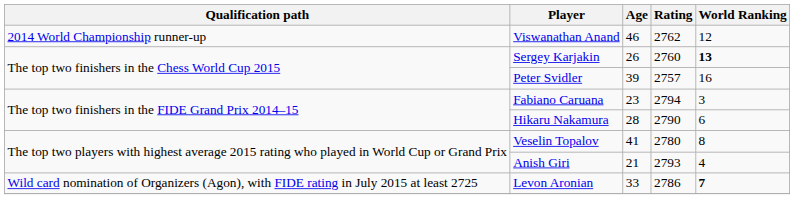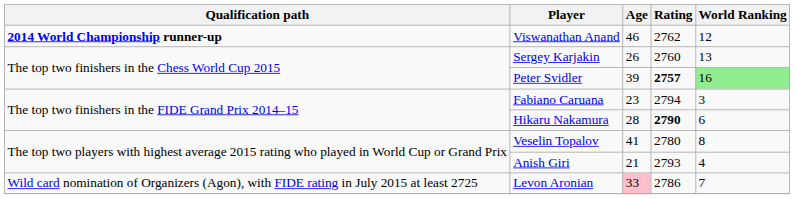 <table class="wikitable" style="text-align: left;">
 <tr>
 <th>Qualification path</th>
 <th>Player</th>
 <th>Age</th>
 <th>Rating</th>
 <th>World Ranking</th>
 </tr>
 <tr>
-<td><a href='#'>2014 World Championship</a> runner-up</td>
+<td><strong><a href='#'>2014 World Championship</a> runner-up</strong></td>
 <td> <a href='#'>Viswanathan Anand</a></td>
 <td>46</td>
 <td>2762</td>
 <td>12</td>
 </tr>
 <tr>
 <td rowspan="2">The top two finishers in the <a href='#'>Chess World Cup 2015</a></td>
 <td> <a href='#'>Sergey Karjakin</a></td>
 <td>26</td>
 <td>2760</td>
-<td><strong>13</strong></td>
+<td>13</td>
 </tr>
 <tr>
 <td> <a href='#'>Peter Svidler</a></td>
 <td>39</td>
-<td>2757</td>
-<td>16</td>
+<td><strong>2757</strong></td>
+<td style="background: lightgreen;">16</td>
 </tr>
 <tr>
 <td rowspan="2">The top two finishers in the <a href='#'>FIDE Grand Prix 2014–15</a></td>
 <td> <a href='#'>Fabiano Caruana</a></td>
 <td>23</td>
 <td>2794</td>
 <td>3</td>
 </tr>
 <tr>
 <td> <a href='#'>Hikaru Nakamura</a></td>
 <td>28</td>
-<td>2790</td>
+<td><strong>2790</strong></td>
 <td>6</td>
 </tr>
 <tr>
 <td rowspan="2">The top two players with highest average 2015 rating who played in World Cup or Grand Prix</td>
 <td> <a href='#'>Veselin Topalov</a></td>
 <td>41</td>
 <td>2780</td>
 <td>8</td>
 </tr>
 <tr>
 <td> <a href='#'>Anish Giri</a></td>
 <td>21</td>
 <td>2793</td>
 <td>4</td>
 </tr>
 <tr>
 <td><a href='#'>Wild card</a> nomination of Organizers (Agon), with <a href='#'>FIDE rating</a> in July 2015 at least 2725</td>
 <td> <a href='#'>Levon Aronian</a></td>
-<td>33</td>
+<td style="background: pink;">33</td>
 <td>2786</td>
-<td><strong>7</strong></td>
+<td>7</td>
 </tr>
 <tr>
 </tr>
 </table>
